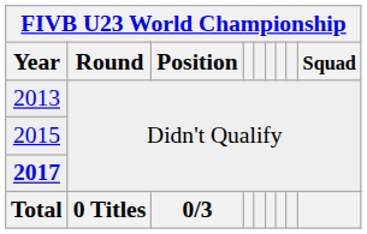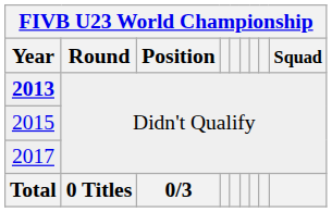 <table class="wikitable" style="text-align: center;">
 <tr>
 <th colspan=9><a href='#'>FIVB U23 World Championship</a></th>
 </tr>
 <tr>
 <th>Year</th>
 <th>Round</th>
 <th>Position</th>
 <th></th>
 <th></th>
 <th></th>
 <th></th>
 <th></th>
 <th><small>Squad</small></th>
 </tr>
 <tr bgcolor="efefef">
-<td> <a href='#'>2013</a></td>
+<td><strong> <a href='#'>2013</a></strong></td>
 <td colspan="9" rowspan="3">Didn't Qualify</td>
 </tr>
 <tr bgcolor="efefef">
 <td> <a href='#'>2015</a></td>
 </tr>
 <tr bgcolor="efefef">
-<td><strong> <a href='#'>2017</a></strong></td>
+<td> <a href='#'>2017</a></td>
 </tr>
 <tr>
 <th>Total</th>
 <th>0 Titles</th>
 <th>0/3</th>
 <th></th>
 <th></th>
 <th></th>
 <th></th>
 <th></th>
 <th></th>
 </tr>
 </table>
